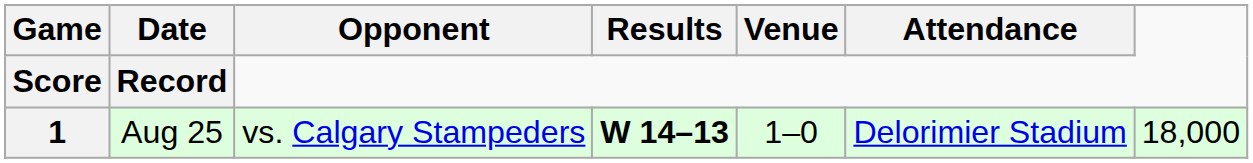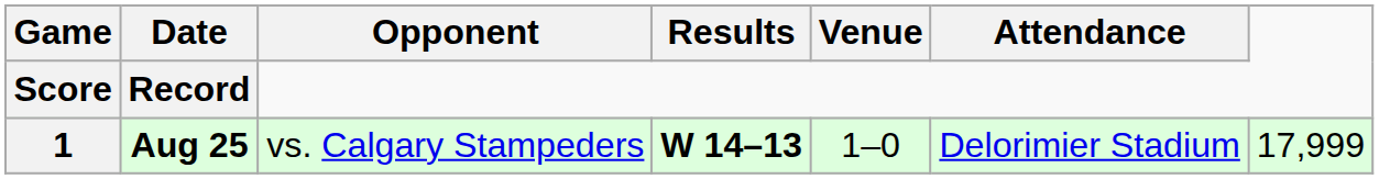 <table class="wikitable" style="text-align:center">
 <tr>
 <th>Game</th>
 <th>Date</th>
 <th>Opponent</th>
 <th>Results</th>
 <th>Venue</th>
 <th>Attendance</th>
 </tr>
 <tr>
 <th>Score</th>
 <th>Record</th>
 </tr>
 <tr style="background:#ddffdd">
 <th>1</th>
-<td>Aug 25</td>
+<td><strong>Aug 25</strong></td>
 <td>vs. <a href='#'>Calgary Stampeders</a></td>
 <td><strong>W 14–13</strong></td>
 <td>1–0</td>
 <td><a href='#'>Delorimier Stadium</a></td>
-<td>18,000</td>
+<td>17,999</td>
 </tr>
 </table>
